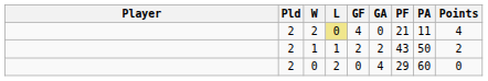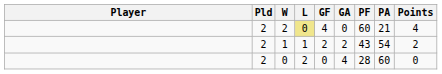 <table class=wikitable style="text-align:center">
 <tr>
 <th width=320>Player</th>
 <th width=20>Pld</th>
 <th width=20>W</th>
 <th width=20>L</th>
 <th width=20>GF</th>
 <th width=20>GA</th>
 <th width=20>PF</th>
 <th width=20>PA</th>
 <th width=50>Points</th>
 </tr>
 <tr>
 <td align=left></td>
 <td>2</td>
 <td>2</td>
 <td style="background: khaki;">0</td>
 <td>4</td>
 <td>0</td>
+<td>60</td>
 <td>21</td>
-<td>11</td>
 <td>4</td>
 </tr>
 <tr>
 <td align=left></td>
 <td>2</td>
 <td>1</td>
 <td>1</td>
 <td>2</td>
 <td>2</td>
 <td>43</td>
-<td>50</td>
+<td>54</td>
 <td>2</td>
 </tr>
 <tr>
 <td align=left></td>
 <td>2</td>
 <td>0</td>
 <td>2</td>
 <td>0</td>
 <td>4</td>
-<td>29</td>
+<td>28</td>
 <td>60</td>
 <td>0</td>
 </tr>
 </table>
